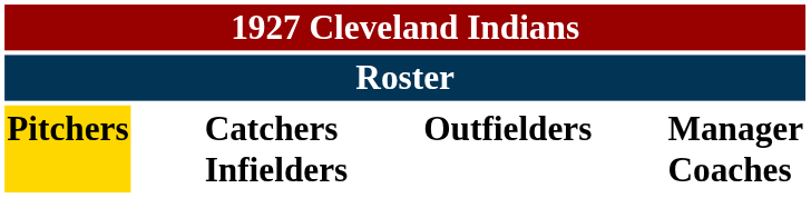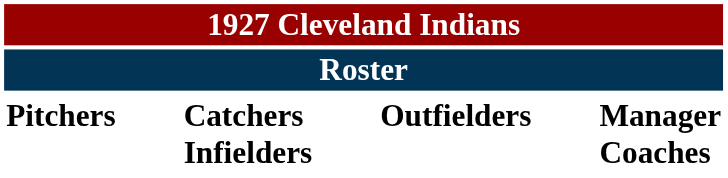 <table class="toccolours" style="font-size: 95%;">
 <tr>
 <th colspan="10" style="background-color: #990000; color: white; text-align: center;">1927 Cleveland Indians</th>
 </tr>
 <tr>
 <td colspan="10" style="background-color: #023456; color: white; text-align: center;"><strong>Roster</strong></td>
 </tr>
 <tr>
-<td valign="top" style="background: gold;"><strong>Pitchers</strong><br>             </td>
+<td valign="top"><strong>Pitchers</strong><br>             </td>
 <td width="25px"></td>
 <td valign="top"><strong>Catchers</strong><br>   <strong>Infielders</strong>          </td>
 <td width="25px"></td>
 <td valign="top"><strong>Outfielders</strong><br>         </td>
 <td width="25px"></td>
 <td valign="top"><strong>Manager</strong><br> <strong>Coaches</strong> </td>
 </tr>
 </table>
